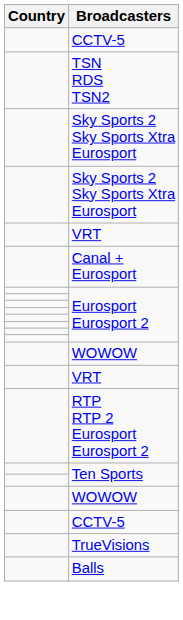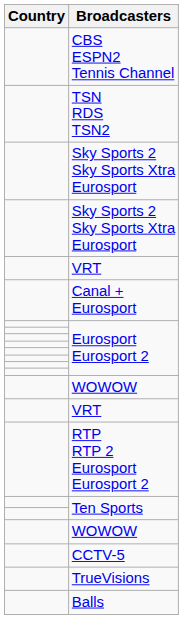 <table class="wikitable">
 <tr>
 <th>Country</th>
 <th>Broadcasters</th>
 </tr>
 <tr>
 <td></td>
-<td><a href='#'>CCTV-5</a></td>
+<td><a href='#'>CBS</a><br><a href='#'>ESPN2</a><br><a href='#'>Tennis Channel</a></td>
 </tr>
 <tr>
 <td></td>
 <td><a href='#'>TSN</a><br><a href='#'>RDS</a><br><a href='#'>TSN2</a></td>
 </tr>
 <tr>
 <td></td>
 <td><a href='#'>Sky Sports 2</a><br><a href='#'>Sky Sports Xtra</a><br><a href='#'>Eurosport</a></td>
 </tr>
 <tr>
 <td></td>
 <td><a href='#'>Sky Sports 2</a><br><a href='#'>Sky Sports Xtra</a><br><a href='#'>Eurosport</a></td>
 </tr>
 <tr>
 <td></td>
 <td><a href='#'>VRT</a></td>
 </tr>
 <tr |->
 <td></td>
 <td><a href='#'>Canal +</a><br><a href='#'>Eurosport</a></td>
 </tr>
 <tr>
 <td></td>
 <td rowspan="8"><a href='#'>Eurosport</a><br><a href='#'>Eurosport 2</a></td>
 </tr>
 <tr>
 <td></td>
 </tr>
 <tr>
 <td></td>
 </tr>
 <tr>
 <td></td>
 </tr>
 <tr>
 <td></td>
 </tr>
 <tr>
 <td></td>
 </tr>
 <tr>
 <td></td>
 </tr>
 <tr>
 <td></td>
 </tr>
 <tr>
 <td></td>
 <td><a href='#'>WOWOW</a></td>
 </tr>
 <tr>
 <td></td>
 <td><a href='#'>VRT</a></td>
 </tr>
 <tr>
 <td></td>
 <td><a href='#'>RTP</a><br><a href='#'>RTP 2</a><br><a href='#'>Eurosport</a><br><a href='#'>Eurosport 2</a></td>
 </tr>
 <tr>
 <td></td>
 <td rowspan="2"><a href='#'>Ten Sports</a></td>
 </tr>
 <tr>
 <td></td>
 </tr>
 <tr>
 <td></td>
 <td><a href='#'>WOWOW</a></td>
 </tr>
 <tr>
 <td></td>
 <td><a href='#'>CCTV-5</a></td>
 </tr>
 <tr>
 <td></td>
 <td><a href='#'>TrueVisions</a></td>
 </tr>
 <tr>
 <td></td>
 <td><a href='#'>Balls</a></td>
 </tr>
 </table>
